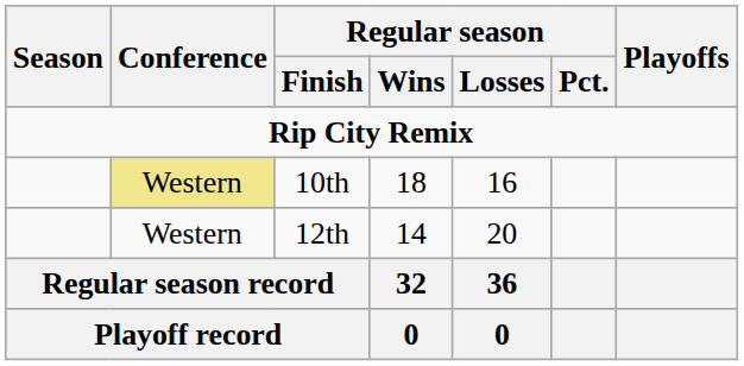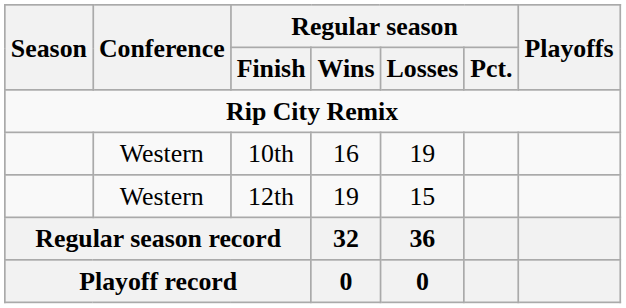 <table class="wikitable" style="font-size:95%; text-align:center">
 <tr>
 <th rowspan=2>Season</th>
 <th rowspan=2>Conference</th>
 <th colspan=4>Regular season</th>
 <th rowspan=2>Playoffs</th>
 </tr>
 <tr>
 <th>Finish</th>
 <th>Wins</th>
 <th>Losses</th>
 <th>Pct.</th>
 </tr>
 <tr>
 <td colspan=8><strong>Rip City Remix</strong></td>
 </tr>
 <tr>
 <td></td>
-<td style="background: khaki;">Western</td>
+<td>Western</td>
 <td>10th</td>
-<td>18</td>
 <td>16</td>
+<td>19</td>
 <td></td>
 <td align=left></td>
 </tr>
 <tr>
 <td></td>
 <td>Western</td>
 <td>12th</td>
-<td>14</td>
-<td>20</td>
+<td>19</td>
+<td>15</td>
 <td></td>
 <td align=left></td>
 </tr>
 <tr>
 <th colspan=3>Regular season record</th>
 <th>32</th>
 <th>36</th>
 <th></th>
 <th colspan=2></th>
 </tr>
 <tr>
 <th colspan=3>Playoff record</th>
 <th>0</th>
 <th>0</th>
 <th></th>
 <th colspan=2></th>
 </tr>
 </table>
